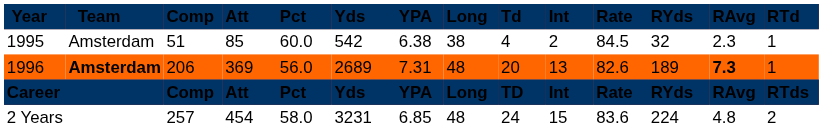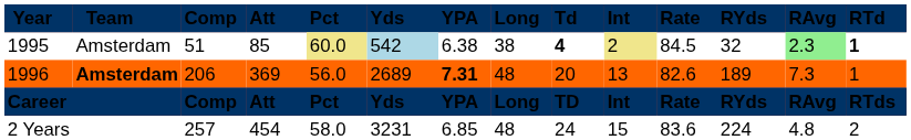 <table cellpadding="2" cellspacing="0" style="font-family:Arial, Helvetica, sans-serif; font-size: 12px">
 <tr bgcolor="#660000">
 <td width="40" nowrap="nowrap" bgcolor="#003366"><span><strong> Year</strong></span></td>
 <td width="40" nowrap="nowrap" bgcolor="#003366"><span><strong>  Team</strong></span></td>
 <td width="38" nowrap="nowrap" bgcolor="#003366"><div><span><strong>Comp</strong></span></div></td>
 <td width="35" nowrap="nowrap" bgcolor="#003366"><div><span><strong>Att</strong></span></div></td>
 <td width="35" nowrap="nowrap" bgcolor="#003366"><div><span><strong>Pct</strong></span></div></td>
 <td width="42" nowrap="nowrap" bgcolor="#003366"><div><span><strong>Yds</strong></span></div></td>
 <td width="30" nowrap="nowrap" bgcolor="#003366"><div><span><strong>YPA</strong></span></div></td>
 <td width="35" nowrap="nowrap" bgcolor="#003366"><div><span><strong>Long</strong></span></div></td>
 <td width="30" nowrap="nowrap" bgcolor="#003366"><div><span><strong>Td</strong></span></div></td>
 <td width="30" nowrap="nowrap" bgcolor="#003366"><div><span><strong>Int</strong></span></div></td>
 <td width="35" nowrap="nowrap" bgcolor="#003366"><div><span><strong>Rate</strong></span></div></td>
 <td width="40" nowrap="nowrap" bgcolor="#003366"><div><span><strong>RYds</strong></span></div></td>
 <td width="35" nowrap="nowrap" bgcolor="#003366"><div><span><strong>RAvg</strong></span></div></td>
 <td width="35" nowrap="nowrap" bgcolor="#003366"><div><span><strong>RTd</strong></span></div></td>
 </tr>
 <tr>
 <td nowrap="nowrap">1995</td>
 <td nowrap="nowrap">Amsterdam</td>
 <td nowrap="nowrap"><div>51</div></td>
 <td nowrap="nowrap"><div>85</div></td>
-<td nowrap="nowrap"><div>60.0</div></td>
-<td nowrap="nowrap"><div>542</div></td>
+<td nowrap="nowrap" style="background: khaki;"><div>60.0</div></td>
+<td nowrap="nowrap" style="background: lightblue;"><div>542</div></td>
 <td nowrap="nowrap"><div>6.38</div></td>
 <td nowrap="nowrap"><div>38</div></td>
-<td nowrap="nowrap"><div>4</div></td>
-<td nowrap="nowrap"><div>2</div></td>
+<td nowrap="nowrap"><strong><div>4</div></strong></td>
+<td nowrap="nowrap" style="background: khaki;"><div>2</div></td>
 <td nowrap="nowrap"><div>84.5</div></td>
 <td nowrap="nowrap"><div>32</div></td>
-<td nowrap="nowrap"><div>2.3</div></td>
-<td nowrap="nowrap"><div>1</div></td>
+<td nowrap="nowrap" style="background: lightgreen;"><div>2.3</div></td>
+<td nowrap="nowrap"><strong><div>1</div></strong></td>
 </tr>
 <tr>
 <td nowrap="nowrap" bgcolor="#ff6600">1996</td>
 <td nowrap="nowrap" bgcolor="#ff6600"><strong>Amsterdam</strong></td>
 <td nowrap="nowrap" bgcolor="#ff6600"><div>206</div></td>
 <td nowrap="nowrap" bgcolor="#ff6600"><div>369</div></td>
 <td nowrap="nowrap" bgcolor="#ff6600"><div>56.0</div></td>
 <td nowrap="nowrap" bgcolor="#ff6600"><div>2689</div></td>
-<td nowrap="nowrap" bgcolor="#ff6600"><div>7.31</div></td>
+<td nowrap="nowrap" bgcolor="#ff6600"><strong><div>7.31</div></strong></td>
 <td nowrap="nowrap" bgcolor="#ff6600"><div>48</div></td>
 <td nowrap="nowrap" bgcolor="#ff6600"><div>20</div></td>
 <td nowrap="nowrap" bgcolor="#ff6600"><div>13</div></td>
 <td nowrap="nowrap" bgcolor="#ff6600"><div>82.6</div></td>
 <td nowrap="nowrap" bgcolor="#ff6600"><div>189</div></td>
-<td nowrap="nowrap" bgcolor="#ff6600"><strong><div>7.3</div></strong></td>
+<td nowrap="nowrap" bgcolor="#ff6600"><div>7.3</div></td>
 <td nowrap="nowrap" bgcolor="#ff6600"><div>1</div></td>
 </tr>
 <tr bgcolor="#660000" style="border-bottom:#000000 solid 1px">
 <td colspan="2" nowrap="nowrap" bgcolor="#003366"><span><strong>Career</strong></span></td>
 <td nowrap="nowrap" bgcolor="#003366"><div><span><strong>Comp</strong></span></div></td>
 <td nowrap="nowrap" bgcolor="#003366"><div><span><strong>Att</strong></span></div></td>
 <td nowrap="nowrap" bgcolor="#003366"><div><span><strong>Pct</strong></span></div></td>
 <td nowrap="nowrap" bgcolor="#003366"><div><span><strong>Yds</strong></span></div></td>
 <td nowrap="nowrap" bgcolor="#003366"><div><span><strong>YPA</strong></span></div></td>
 <td nowrap="nowrap" bgcolor="#003366"><div><span><strong>Long</strong></span></div></td>
 <td nowrap="nowrap" bgcolor="#003366"><div><span><strong>TD</strong></span></div></td>
 <td nowrap="nowrap" bgcolor="#003366"><div><span><strong>Int</strong></span></div></td>
 <td nowrap="nowrap" bgcolor="#003366"><div><span><strong>Rate</strong></span></div></td>
 <td nowrap="nowrap" bgcolor="#003366"><div><span><strong>RYds</strong></span></div></td>
 <td nowrap="nowrap" bgcolor="#003366"><div><span><strong>RAvg</strong></span></div></td>
 <td nowrap="nowrap" bgcolor="#003366"><div><span><strong>RTds</strong></span></div></td>
 </tr>
 <tr>
 <td colspan="2" nowrap="nowrap">2 Years</td>
 <td nowrap="nowrap"><div>257</div></td>
 <td nowrap="nowrap"><div>454</div></td>
 <td nowrap="nowrap"><div>58.0</div></td>
 <td nowrap="nowrap"><div>3231</div></td>
 <td nowrap="nowrap"><div>6.85</div></td>
 <td nowrap="nowrap"><div>48</div></td>
 <td nowrap="nowrap"><div>24</div></td>
 <td nowrap="nowrap"><div>15</div></td>
 <td nowrap="nowrap"><div>83.6</div></td>
 <td nowrap="nowrap"><div>224</div></td>
 <td nowrap="nowrap"><div>4.8</div></td>
 <td nowrap="nowrap"><div>2</div></td>
 </tr>
 </table>
